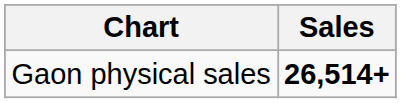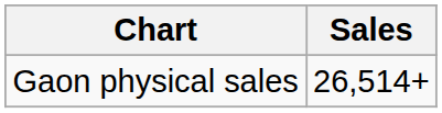 <table class="wikitable">
 <tr>
 <th>Chart</th>
 <th>Sales</th>
 </tr>
 <tr>
 <td>Gaon physical sales</td>
-<td align="center"><strong>26,514+</strong></td>
+<td align="center">26,514+</td>
 </tr>
 </table>
